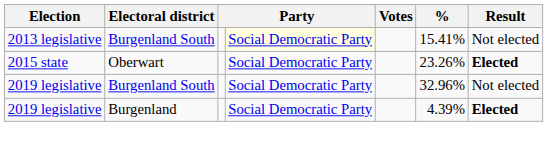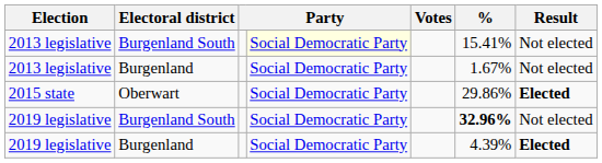 <table class="wikitable" style="text-align:left;">
 <tr>
 <th scope=col>Election</th>
 <th scope=col>Electoral district</th>
 <th scope=col colspan="2">Party</th>
 <th scope=col>Votes</th>
 <th scope=col>%</th>
 <th scope=col>Result</th>
 </tr>
 <tr>
 <td><a href='#'>2013 legislative</a></td>
 <td><a href='#'>Burgenland South</a></td>
 <td style="background:"></td>
 <td style="background: lightyellow;"><a href='#'>Social Democratic Party</a></td>
 <td align=right></td>
 <td align=right>15.41%</td>
 <td>Not elected</td>
 </tr>
 <tr>
+<td><a href='#'>2013 legislative</a></td>
+<td>Burgenland</td>
+<td style="background:"></td>
+<td><a href='#'>Social Democratic Party</a></td>
+<td align=right></td>
+<td align=right>1.67%</td>
+<td>Not elected</td>
+</tr>
+<tr>
 <td><a href='#'>2015 state</a></td>
 <td>Oberwart</td>
 <td style="background:"></td>
 <td><a href='#'>Social Democratic Party</a></td>
 <td align=right></td>
-<td align=right>23.26%</td>
+<td align=right>29.86%</td>
 <td><strong>Elected</strong></td>
 </tr>
 <tr>
 <td><a href='#'>2019 legislative</a></td>
 <td><a href='#'>Burgenland South</a></td>
 <td style="background:"></td>
 <td><a href='#'>Social Democratic Party</a></td>
 <td align=right></td>
-<td align=right>32.96%</td>
+<td align=right><strong>32.96%</strong></td>
 <td>Not elected</td>
 </tr>
 <tr>
 <td><a href='#'>2019 legislative</a></td>
 <td>Burgenland</td>
 <td style="background:"></td>
 <td><a href='#'>Social Democratic Party</a></td>
 <td align=right></td>
 <td align=right>4.39%</td>
 <td><strong>Elected</strong></td>
 </tr>
 </table>
